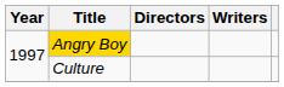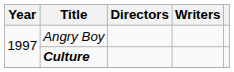 <table class="wikitable">
 <tr>
 <th>Year</th>
 <th>Title</th>
 <th>Directors</th>
 <th>Writers</th>
 <th></th>
 </tr>
 <tr>
 <td rowspan=2>1997</td>
-<td style="background: gold;"><em>Angry Boy</em></td>
+<td><em>Angry Boy</em></td>
 <td></td>
 <td></td>
 <td align="center"></td>
 </tr>
 <tr>
-<td><em>Culture</em></td>
+<td><strong><em>Culture</em></strong></td>
 <td></td>
 <td></td>
 <td align="center"></td>
 </tr>
 <tr>
 </tr>
 </table>
